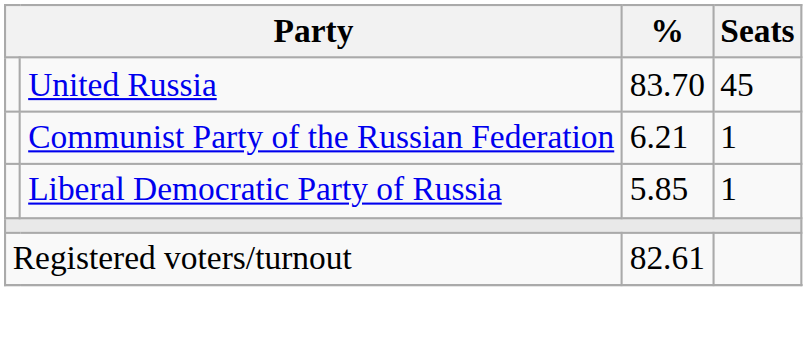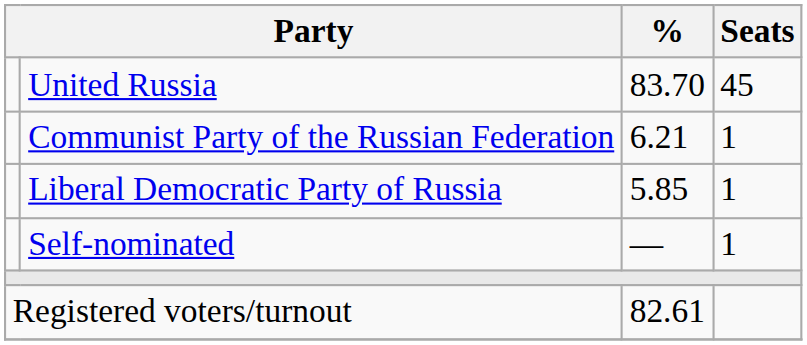 <table class="wikitable">
 <tr>
 <th colspan=2>Party</th>
 <th>%</th>
 <th>Seats</th>
 </tr>
 <tr>
 <td style="background:"></td>
 <td><a href='#'>United Russia</a></td>
 <td>83.70</td>
 <td>45</td>
 </tr>
 <tr>
 <td style="background:"></td>
 <td><a href='#'>Communist Party of the Russian Federation</a></td>
 <td>6.21</td>
 <td>1</td>
 </tr>
 <tr>
 <td style="background:"></td>
 <td><a href='#'>Liberal Democratic Party of Russia</a></td>
 <td>5.85</td>
 <td>1</td>
 </tr>
 <tr>
+<td style="background:"></td>
+<td><a href='#'>Self-nominated</a></td>
+<td>—</td>
+<td>1</td>
+</tr>
+<tr>
 <td colspan=4 style="background:#E9E9E9;"></td>
 </tr>
 <tr>
 <td align=left colspan=2>Registered voters/turnout</td>
 <td>82.61</td>
 <td></td>
 </tr>
 <tr>
 </tr>
 </table>
